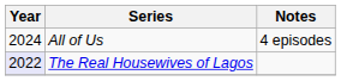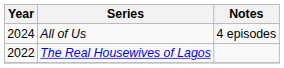 <table class="wikitable">
 <tr>
 <th>Year</th>
 <th>Series</th>
 <th>Notes</th>
 </tr>
 <tr>
 <td>2024</td>
 <td><em>All of Us</em></td>
 <td>4 episodes</td>
 </tr>
 <tr>
-<td style="background: lavender;">2022</td>
+<td>2022</td>
 <td><em><a href='#'>The Real Housewives of Lagos</a></em></td>
 <td></td>
 </tr>
 <tr>
 </tr>
 </table>
